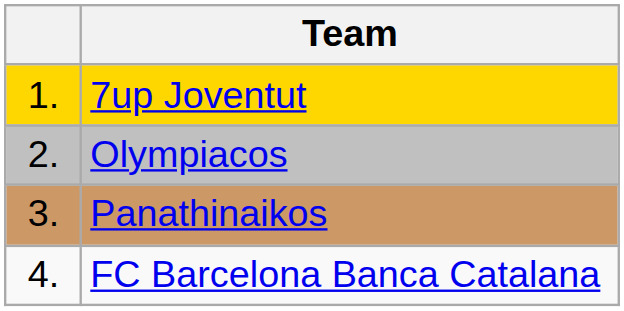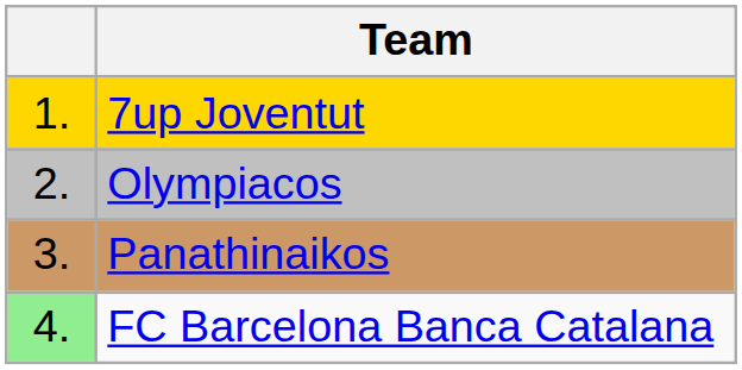 <table class="wikitable" style="text-align:center">
 <tr>
 <th width=25></th>
 <th width=220>Team</th>
 </tr>
 <tr bgcolor=gold>
 <td>1.</td>
 <td align=left> <a href='#'>7up Joventut</a></td>
 </tr>
 <tr bgcolor=silver>
 <td>2.</td>
 <td align=left> <a href='#'>Olympiacos</a></td>
 </tr>
 <tr bgcolor=cc9966>
 <td>3.</td>
 <td align=left> <a href='#'>Panathinaikos</a></td>
 </tr>
 <tr>
-<td>4.</td>
+<td style="background: lightgreen;">4.</td>
 <td align=left> <a href='#'>FC Barcelona Banca Catalana</a></td>
 </tr>
 </table>
